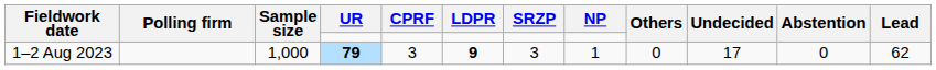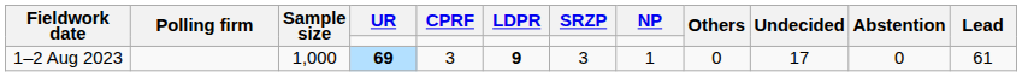 <table class=wikitable style="font-size:95%; line-height:14px; text-align:center">
 <tr>
 <th style=width:100px; rowspan=2>Fieldwork date</th>
 <th style=width:120px; rowspan=2>Polling firm</th>
 <th style=width:50px; rowspan=2>Sample<br>size</th>
 <th style="width:50px;"><a href='#'>UR</a></th>
 <th style="width:50px;"><a href='#'>CPRF</a></th>
 <th style="width:50px;"><a href='#'>LDPR</a></th>
 <th style="width:50px;"><a href='#'>SRZP</a></th>
 <th style="width:50px;"><a href='#'>NP</a></th>
 <th style="width:50px;" rowspan=2>Others</th>
 <th style="width:50px;" rowspan=2>Undecided</th>
 <th style="width:50px;" rowspan=2>Abstention</th>
 <th style="width:50px;" rowspan="2">Lead</th>
 </tr>
 <tr>
 <td bgcolor=></td>
 <td bgcolor=></td>
 <td bgcolor=></td>
 <td bgcolor=></td>
 <td bgcolor=></td>
 </tr>
 <tr>
 <td>1–2 Aug 2023</td>
 <td></td>
 <td>1,000</td>
-<td style="background:#B3E0FF"><strong>79</strong></td>
+<td style="background:#B3E0FF"><strong>69</strong></td>
 <td>3</td>
 <td><strong>9</strong></td>
 <td>3</td>
 <td>1</td>
 <td>0</td>
 <td>17</td>
 <td>0</td>
-<td style="background:">62</td>
+<td style="background:">61</td>
 </tr>
 </table>
